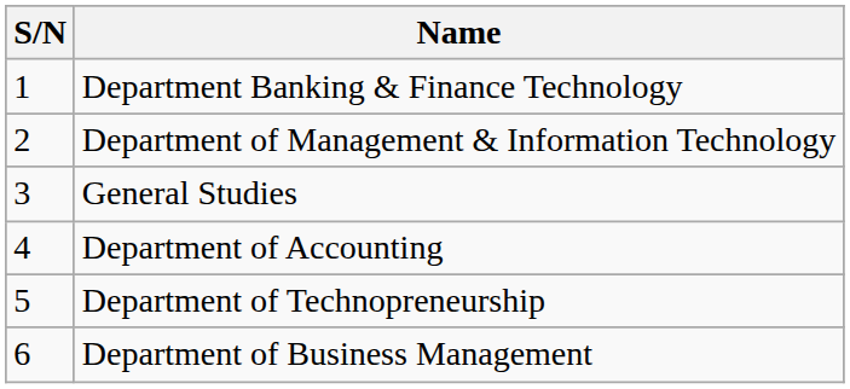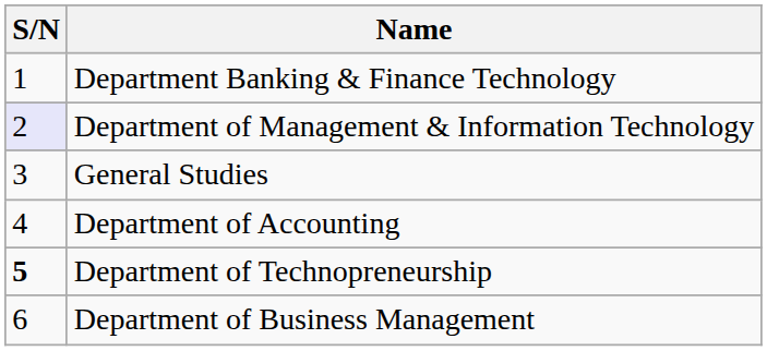 <table class="wikitable">
 <tr>
 <th>S/N</th>
 <th>Name</th>
 </tr>
 <tr>
 <td>1</td>
 <td>Department Banking & Finance Technology</td>
 </tr>
 <tr>
-<td>2</td>
+<td style="background: lavender;">2</td>
 <td>Department of Management & Information Technology</td>
 </tr>
 <tr>
 <td>3</td>
 <td>General Studies</td>
 </tr>
 <tr>
 <td>4</td>
 <td>Department of Accounting</td>
 </tr>
 <tr>
-<td>5</td>
+<td><strong>5</strong></td>
 <td>Department of Technopreneurship</td>
 </tr>
 <tr>
 <td>6</td>
 <td>Department of Business Management</td>
 </tr>
 </table>
